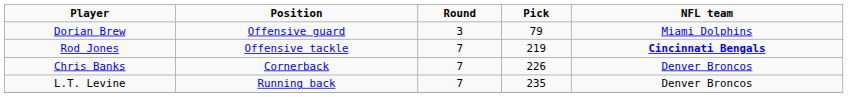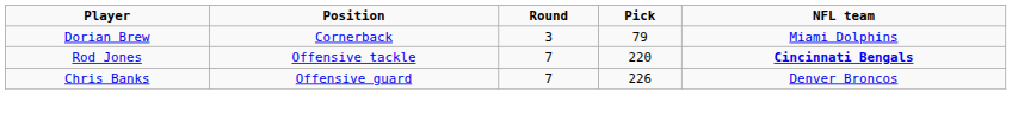 <table class="wikitable" width="80%">
 <tr align="center">
 <td><strong>Player</strong></td>
 <td><strong>Position</strong></td>
 <td><strong>Round</strong></td>
 <td><strong>Pick</strong></td>
 <td><strong>NFL team</strong></td>
 </tr>
 <tr align="center" bgcolor="">
 <td><a href='#'>Dorian Brew</a></td>
-<td><a href='#'>Offensive guard</a></td>
+<td><a href='#'>Cornerback</a></td>
 <td>3</td>
 <td>79</td>
 <td><a href='#'>Miami Dolphins</a></td>
 </tr>
 <tr align="center" bgcolor="">
 <td><a href='#'>Rod Jones</a></td>
 <td><a href='#'>Offensive tackle</a></td>
 <td>7</td>
-<td>219</td>
+<td>220</td>
 <td><strong><a href='#'>Cincinnati Bengals</a></strong></td>
 </tr>
 <tr align="center" bgcolor="">
 <td><a href='#'>Chris Banks</a></td>
-<td><a href='#'>Cornerback</a></td>
+<td><a href='#'>Offensive guard</a></td>
 <td>7</td>
 <td>226</td>
 <td><a href='#'>Denver Broncos</a></td>
 </tr>
 <tr align="center" bgcolor="">
-<td>L.T. Levine</td>
-<td><a href='#'>Running back</a></td>
-<td>7</td>
-<td>235</td>
-<td>Denver Broncos</td>
-</tr>
-<tr align="center" bgcolor="">
 </tr>
 </table>
